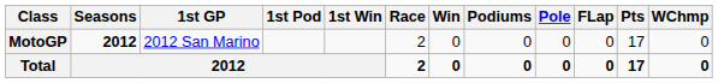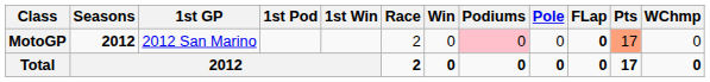 <table class="wikitable" style="text-align:right;">
 <tr>
 <th>Class</th>
 <th>Seasons</th>
 <th>1st GP</th>
 <th>1st Pod</th>
 <th>1st Win</th>
 <th>Race</th>
 <th>Win</th>
 <th>Podiums</th>
 <th><a href='#'>Pole</a></th>
 <th>FLap</th>
 <th>Pts</th>
 <th>WChmp</th>
 </tr>
 <tr>
 <th>MotoGP</th>
 <td><strong>2012</strong></td>
 <td align="left"><a href='#'>2012 San Marino</a></td>
 <td></td>
 <td></td>
 <td>2</td>
 <td>0</td>
+<td style="background: pink;">0</td>
 <td>0</td>
-<td>0</td>
-<td>0</td>
-<td>17</td>
+<td><strong>0</strong></td>
+<td style="background: lightsalmon;">17</td>
 <td>0</td>
 </tr>
 <tr>
 <th>Total</th>
 <th colspan="4">2012</th>
 <td><strong>2</strong></td>
 <td><strong>0</strong></td>
 <td><strong>0</strong></td>
 <td><strong>0</strong></td>
 <td><strong>0</strong></td>
 <td><strong>17</strong></td>
 <td><strong>0</strong></td>
 </tr>
 </table>
